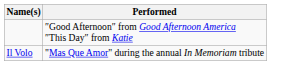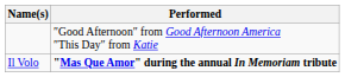 <table class="wikitable sortable">
 <tr>
 <th>Name(s)</th>
 <th>Performed</th>
 </tr>
 <tr>
 <td></td>
 <td>″Good Afternoon″ from <em><a href='#'>Good Afternoon America</a></em><br>″This Day″ from <em><a href='#'>Katie</a></em></td>
 </tr>
 <tr>
 <td><a href='#'>Il Volo</a></td>
-<td>"<a href='#'>Mas Que Amor</a>" during the annual <em>In Memoriam</em> tribute</td>
+<td><strong>"<a href='#'>Mas Que Amor</a>" during the annual <em>In Memoriam</em> tribute</strong></td>
 </tr>
 </table>
